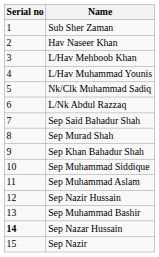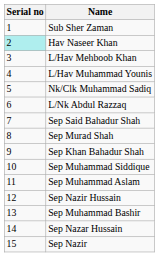 <table class="wikitable">
 <tr>
 <th>Serial no</th>
 <th>Name</th>
 </tr>
 <tr>
 <td>1</td>
 <td>Sub Sher Zaman</td>
 </tr>
 <tr>
-<td>2</td>
+<td style="background: paleturquoise;">2</td>
 <td>Hav Naseer Khan</td>
 </tr>
 <tr>
 <td>3</td>
 <td>L/Hav Mehboob Khan</td>
 </tr>
 <tr>
 <td>4</td>
 <td>L/Hav Muhammad Younis</td>
 </tr>
 <tr>
 <td>5</td>
 <td>Nk/Clk Muhammad Sadiq</td>
 </tr>
 <tr>
 <td>6</td>
 <td>L/Nk Abdul Razzaq</td>
 </tr>
 <tr>
 <td>7</td>
 <td>Sep Said Bahadur Shah</td>
 </tr>
 <tr>
 <td>8</td>
 <td>Sep Murad Shah</td>
 </tr>
 <tr>
 <td>9</td>
 <td>Sep Khan Bahadur Shah</td>
 </tr>
 <tr>
 <td>10</td>
 <td>Sep Muhammad Siddique</td>
 </tr>
 <tr>
 <td>11</td>
 <td>Sep Muhammad Aslam</td>
 </tr>
 <tr>
 <td>12</td>
 <td>Sep Nazir Hussain</td>
 </tr>
 <tr>
 <td>13</td>
 <td>Sep Muhammad Bashir</td>
 </tr>
 <tr>
-<td><strong>14</strong></td>
+<td>14</td>
 <td>Sep Nazar Hussain</td>
 </tr>
 <tr>
 <td>15</td>
 <td>Sep Nazir</td>
 </tr>
 </table>
